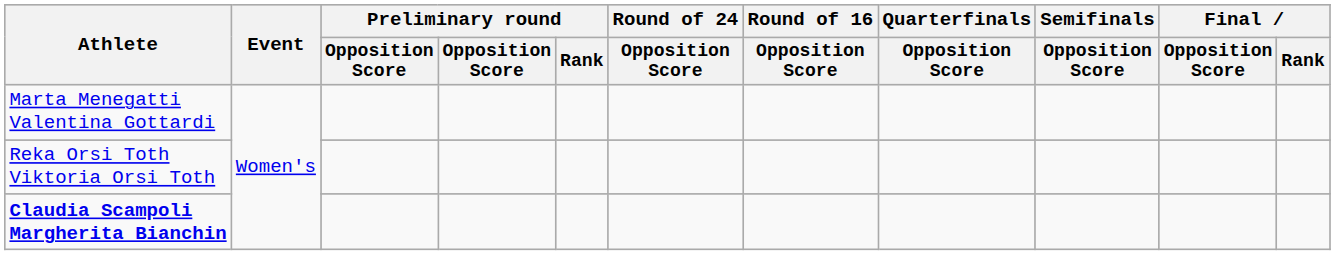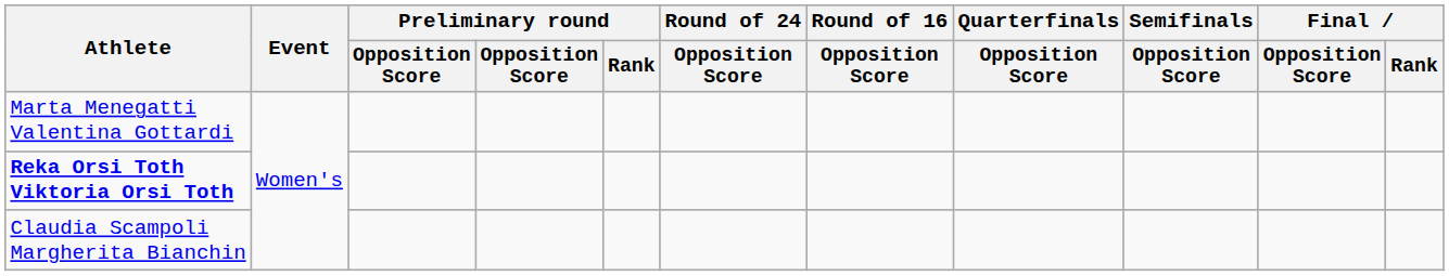 <table class=wikitable style=font-size:90%;text-align:center>
 <tr>
 <th rowspan=2>Athlete</th>
 <th rowspan=2>Event</th>
 <th colspan=3>Preliminary round</th>
 <th>Round of 24</th>
 <th>Round of 16</th>
 <th>Quarterfinals</th>
 <th>Semifinals</th>
 <th colspan=2>Final / </th>
 </tr>
 <tr style=font-size:95%>
 <th>Opposition<br>Score</th>
 <th>Opposition<br>Score</th>
 <th>Rank</th>
 <th>Opposition<br>Score</th>
 <th>Opposition<br>Score</th>
 <th>Opposition<br>Score</th>
 <th>Opposition<br>Score</th>
 <th>Opposition<br>Score</th>
 <th>Rank</th>
 </tr>
 <tr>
 <td align=left><a href='#'>Marta Menegatti</a><br><a href='#'>Valentina Gottardi</a></td>
 <td align=left rowspan=3><a href='#'>Women's</a></td>
 <td></td>
 <td></td>
 <td></td>
 <td></td>
 <td></td>
 <td></td>
 <td></td>
 <td></td>
 <td></td>
 </tr>
 <tr>
-<td align=left><a href='#'>Reka Orsi Toth</a><br><a href='#'>Viktoria Orsi Toth</a></td>
+<td align=left><strong><a href='#'>Reka Orsi Toth</a><br><a href='#'>Viktoria Orsi Toth</a></strong></td>
 <td></td>
 <td></td>
 <td></td>
 <td></td>
 <td></td>
 <td></td>
 <td></td>
 <td></td>
 <td></td>
 </tr>
 <tr>
-<td align=left><strong><a href='#'>Claudia Scampoli</a><br><a href='#'>Margherita Bianchin</a></strong></td>
+<td align=left><a href='#'>Claudia Scampoli</a><br><a href='#'>Margherita Bianchin</a></td>
 <td></td>
 <td></td>
 <td></td>
 <td></td>
 <td></td>
 <td></td>
 <td></td>
 <td></td>
 <td></td>
 </tr>
 </table>
